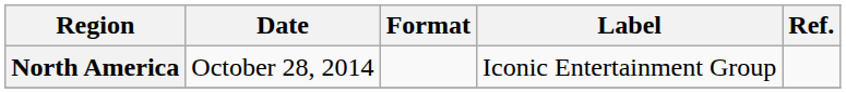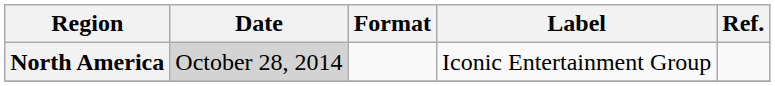 <table class="wikitable plainrowheaders">
 <tr>
 <th scope="col">Region</th>
 <th scope="col">Date</th>
 <th scope="col">Format</th>
 <th scope="col">Label</th>
 <th scope="col">Ref.</th>
 </tr>
 <tr>
 <th scope="row">North America</th>
-<td>October 28, 2014</td>
+<td style="background: lightgrey;">October 28, 2014</td>
 <td></td>
 <td>Iconic Entertainment Group</td>
 <td></td>
 </tr>
 <tr>
 </tr>
 </table>
